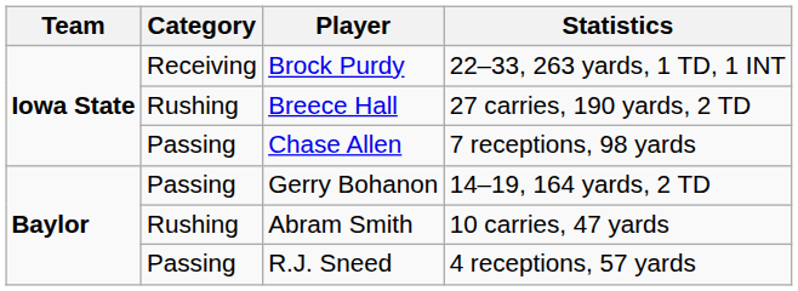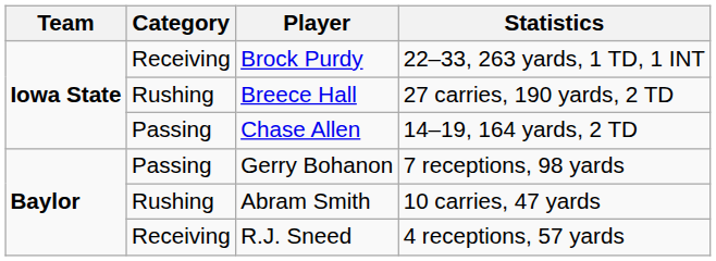 <table class="wikitable" style="float: right;">
 <tr>
 <th>Team</th>
 <th>Category</th>
 <th>Player</th>
 <th>Statistics</th>
 </tr>
 <tr>
 <td rowspan=3><strong>Iowa State</strong></td>
 <td>Receiving</td>
 <td><a href='#'>Brock Purdy</a></td>
 <td>22–33, 263 yards, 1 TD, 1 INT</td>
 </tr>
 <tr>
 <td>Rushing</td>
 <td><a href='#'>Breece Hall</a></td>
 <td>27 carries, 190 yards, 2 TD</td>
 </tr>
 <tr>
 <td>Passing</td>
 <td><a href='#'>Chase Allen</a></td>
-<td>7 receptions, 98 yards</td>
+<td>14–19, 164 yards, 2 TD</td>
 </tr>
 <tr>
 <td rowspan=3><strong>Baylor</strong></td>
 <td>Passing</td>
 <td>Gerry Bohanon</td>
-<td>14–19, 164 yards, 2 TD</td>
+<td>7 receptions, 98 yards</td>
 </tr>
 <tr>
 <td>Rushing</td>
 <td>Abram Smith</td>
 <td>10 carries, 47 yards</td>
 </tr>
 <tr>
-<td>Passing</td>
+<td>Receiving</td>
 <td>R.J. Sneed</td>
 <td>4 receptions, 57 yards</td>
 </tr>
 </table>
